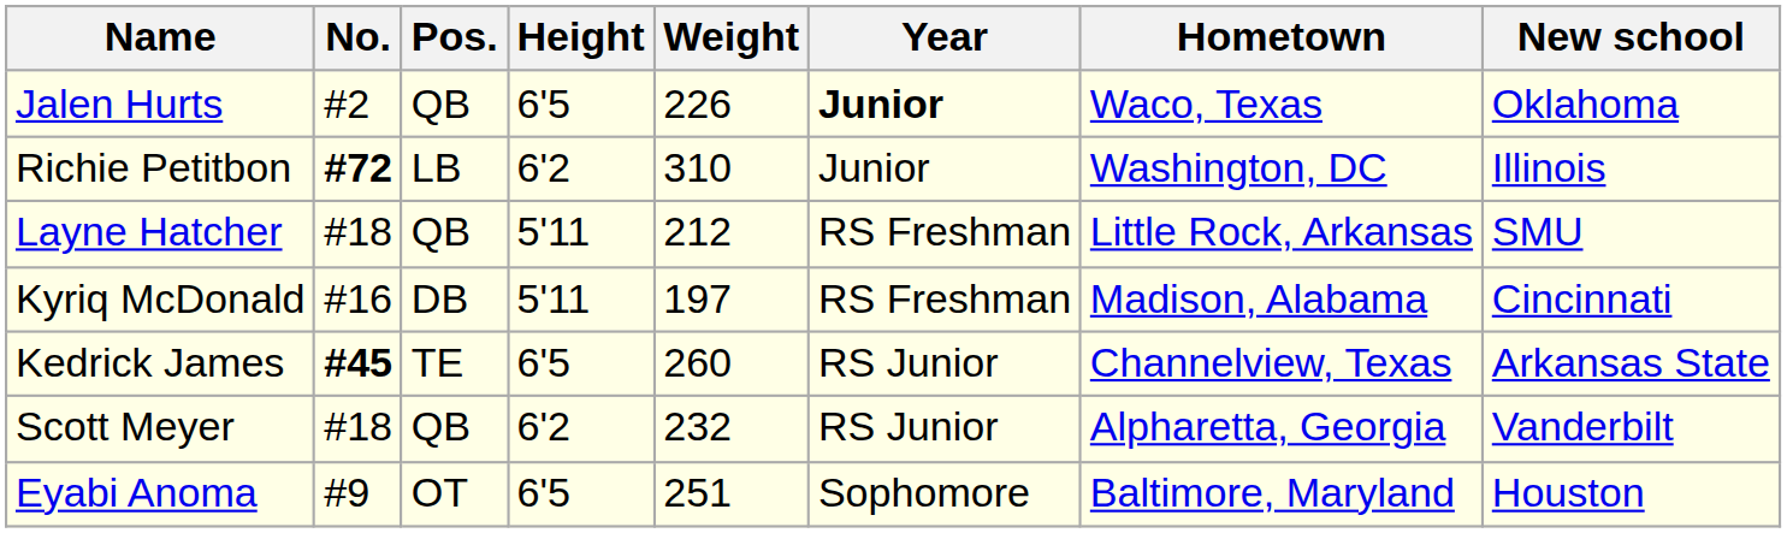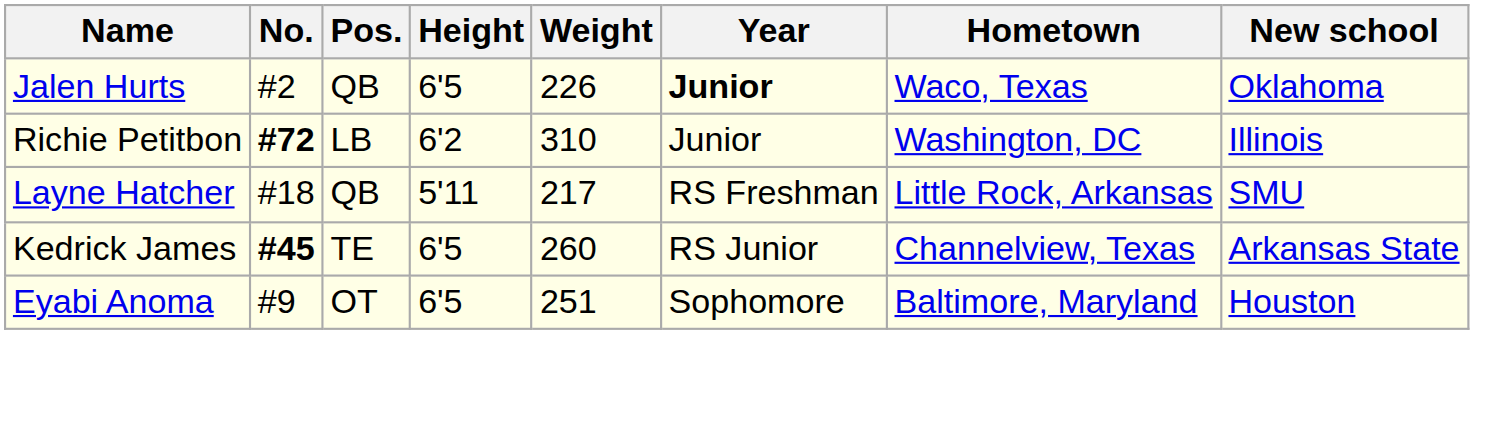 <table class="wikitable sortable">
 <tr>
 <th>Name</th>
 <th>No.</th>
 <th>Pos.</th>
 <th>Height</th>
 <th>Weight</th>
 <th>Year</th>
 <th>Hometown</th>
 <th class="unsortable">New school</th>
 </tr>
 <tr style="background:#FFFFE6;">
 <td><a href='#'>Jalen Hurts</a></td>
 <td>#2</td>
 <td>QB</td>
 <td>6'5</td>
 <td>226</td>
 <td><strong>Junior</strong></td>
 <td><a href='#'>Waco, Texas</a></td>
 <td><a href='#'>Oklahoma</a></td>
 </tr>
 <tr style="background:#FFFFE6;">
 <td>Richie Petitbon</td>
 <td><strong>#72</strong></td>
 <td>LB</td>
 <td>6'2</td>
 <td>310</td>
 <td>Junior</td>
 <td><a href='#'>Washington, DC</a></td>
 <td><a href='#'>Illinois</a></td>
 </tr>
 <tr style="background:#FFFFE6;">
 <td><a href='#'>Layne Hatcher</a></td>
 <td>#18</td>
 <td>QB</td>
 <td>5'11</td>
-<td>212</td>
+<td>217</td>
 <td>RS Freshman</td>
 <td><a href='#'>Little Rock, Arkansas</a></td>
 <td><a href='#'>SMU</a></td>
-</tr>
-<tr style="background:#FFFFE6;">
-<td>Kyriq McDonald</td>
-<td>#16</td>
-<td>DB</td>
-<td>5'11</td>
-<td>197</td>
-<td>RS Freshman</td>
-<td><a href='#'>Madison, Alabama</a></td>
-<td><a href='#'>Cincinnati</a></td>
 </tr>
 <tr style="background:#FFFFE6;">
 <td>Kedrick James</td>
 <td><strong>#45</strong></td>
 <td>TE</td>
 <td>6'5</td>
 <td>260</td>
 <td>RS Junior</td>
 <td><a href='#'>Channelview, Texas</a></td>
 <td><a href='#'>Arkansas State</a></td>
 </tr>
 <tr style="background:#FFFFE6;">
-<td>Scott Meyer</td>
-<td>#18</td>
-<td>QB</td>
-<td>6'2</td>
-<td>232</td>
-<td>RS Junior</td>
-<td><a href='#'>Alpharetta, Georgia</a></td>
-<td><a href='#'>Vanderbilt</a></td>
-</tr>
-<tr style="background:#FFFFE6;">
 <td><a href='#'>Eyabi Anoma</a></td>
 <td>#9</td>
 <td>OT</td>
 <td>6'5</td>
 <td>251</td>
 <td>Sophomore</td>
 <td><a href='#'>Baltimore, Maryland</a></td>
 <td><a href='#'>Houston</a></td>
 </tr>
 </table>
